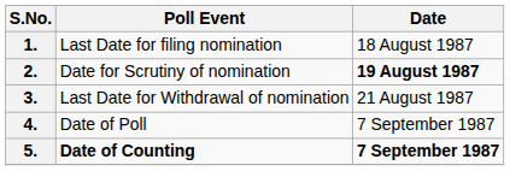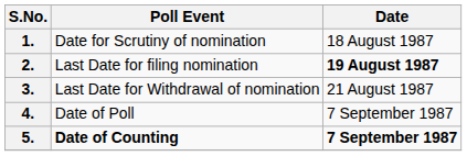 <table class="wikitable sortable">
 <tr>
 <th>S.No.</th>
 <th>Poll Event</th>
 <th>Date</th>
 </tr>
 <tr>
 <th>1.</th>
-<td>Last Date for filing nomination</td>
+<td>Date for Scrutiny of nomination</td>
 <td>18 August 1987</td>
 </tr>
 <tr>
 <th>2.</th>
-<td>Date for Scrutiny of nomination</td>
+<td>Last Date for filing nomination</td>
 <td><strong>19 August 1987</strong></td>
 </tr>
 <tr>
 <th>3.</th>
 <td>Last Date for Withdrawal of nomination</td>
 <td>21 August 1987</td>
 </tr>
 <tr>
 <th>4.</th>
 <td>Date of Poll</td>
 <td>7 September 1987</td>
 </tr>
 <tr>
 <th>5.</th>
 <td><strong>Date of Counting</strong></td>
 <td colspan="2" style="text-align:center"><strong>7 September 1987</strong></td>
 </tr>
 <tr>
 </tr>
 </table>
